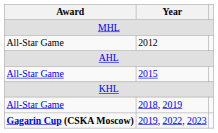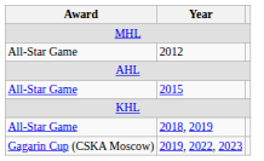 <table class="wikitable">
 <tr>
 <th>Award</th>
 <th>Year</th>
 <th></th>
 </tr>
 <tr ALIGN="center" bgcolor="#e0e0e0">
 <td colspan="3"><a href='#'>MHL</a></td>
 </tr>
 <tr>
 <td>All-Star Game</td>
 <td>2012</td>
 <td></td>
 </tr>
 <tr ALIGN="center" bgcolor="#e0e0e0">
 <td colspan="3"><a href='#'>AHL</a></td>
 </tr>
 <tr>
 <td><a href='#'>All-Star Game</a></td>
 <td><a href='#'>2015</a></td>
 <td></td>
 </tr>
 <tr ALIGN="center" bgcolor="#e0e0e0">
 <td colspan="3"><a href='#'>KHL</a></td>
 </tr>
 <tr>
 <td><a href='#'>All-Star Game</a></td>
 <td><a href='#'>2018</a>, <a href='#'>2019</a></td>
 <td></td>
 </tr>
 <tr>
-<td><strong><a href='#'>Gagarin Cup</a> (CSKA Moscow)</strong></td>
+<td><a href='#'>Gagarin Cup</a> (CSKA Moscow)</td>
 <td><a href='#'>2019</a>, <a href='#'>2022</a>, <a href='#'>2023</a></td>
 <td></td>
 </tr>
 </table>
